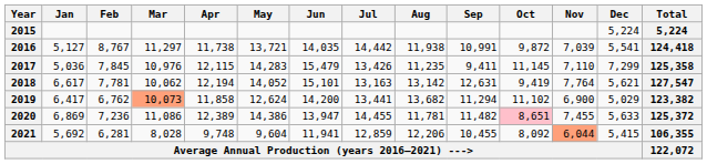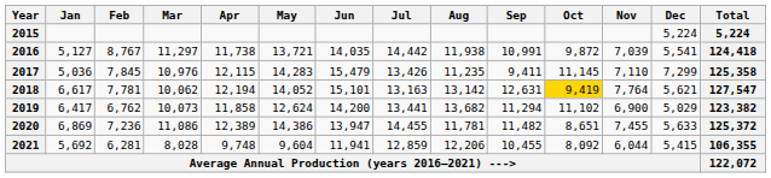 <table class=wikitable style="text-align:right; font-size:0.8em; width:700px;">
 <tr>
 <th>Year</th>
 <th>Jan</th>
 <th>Feb</th>
 <th>Mar</th>
 <th>Apr</th>
 <th>May</th>
 <th>Jun</th>
 <th>Jul</th>
 <th>Aug</th>
 <th>Sep</th>
 <th>Oct</th>
 <th>Nov</th>
 <th>Dec</th>
 <th>Total</th>
 </tr>
 <tr>
 <th>2015</th>
 <td></td>
 <td></td>
 <td></td>
 <td></td>
 <td></td>
 <td></td>
 <td></td>
 <td></td>
 <td></td>
 <td></td>
 <td></td>
 <td>5,224</td>
 <th>5,224</th>
 </tr>
 <tr>
 <th>2016</th>
 <td>5,127</td>
 <td>8,767</td>
 <td>11,297</td>
 <td>11,738</td>
 <td>13,721</td>
 <td>14,035</td>
 <td>14,442</td>
 <td>11,938</td>
 <td>10,991</td>
 <td>9,872</td>
 <td>7,039</td>
 <td>5,541</td>
 <th>124,418</th>
 </tr>
 <tr>
 <th>2017</th>
 <td>5,036</td>
 <td>7,845</td>
 <td>10,976</td>
 <td>12,115</td>
 <td>14,283</td>
 <td>15,479</td>
 <td>13,426</td>
 <td>11,235</td>
 <td>9,411</td>
 <td>11,145</td>
 <td>7,110</td>
 <td>7,299</td>
 <th>125,358</th>
 </tr>
 <tr>
 <th>2018</th>
 <td>6,617</td>
 <td>7,781</td>
 <td>10,062</td>
 <td>12,194</td>
 <td>14,052</td>
 <td>15,101</td>
 <td>13,163</td>
 <td>13,142</td>
 <td>12,631</td>
-<td>9,419</td>
+<td style="background: gold;">9,419</td>
 <td>7,764</td>
 <td>5,621</td>
 <th>127,547</th>
 </tr>
 <tr>
 <th>2019</th>
 <td>6,417</td>
 <td>6,762</td>
-<td style="background: lightsalmon;">10,073</td>
+<td>10,073</td>
 <td>11,858</td>
 <td>12,624</td>
 <td>14,200</td>
 <td>13,441</td>
 <td>13,682</td>
 <td>11,294</td>
 <td>11,102</td>
 <td>6,900</td>
 <td>5,029</td>
 <th>123,382</th>
 </tr>
 <tr>
 <th>2020</th>
 <td>6,869</td>
 <td>7,236</td>
 <td>11,086</td>
 <td>12,389</td>
 <td>14,386</td>
 <td>13,947</td>
 <td>14,455</td>
 <td>11,781</td>
 <td>11,482</td>
-<td style="background: pink;">8,651</td>
+<td>8,651</td>
 <td>7,455</td>
 <td>5,633</td>
 <th>125,372</th>
 </tr>
 <tr>
 <th>2021</th>
 <td>5,692</td>
 <td>6,281</td>
 <td>8,028</td>
 <td>9,748</td>
 <td>9,604</td>
 <td>11,941</td>
 <td>12,859</td>
 <td>12,206</td>
 <td>10,455</td>
 <td>8,092</td>
-<td style="background: lightsalmon;">6,044</td>
+<td>6,044</td>
 <td>5,415</td>
 <th>106,355</th>
 </tr>
 <tr>
 <th colspan=13>Average Annual Production (years 2016–2021) ---></th>
 <th>122,072</th>
 </tr>
 </table>
